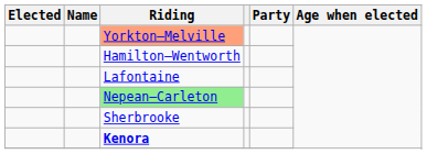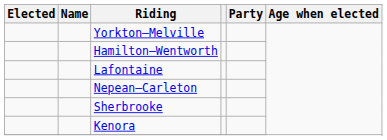 <table class="sortable wikitable">
 <tr>
 <th>Elected</th>
 <th>Name</th>
 <th>Riding</th>
 <th class="unsortable"></th>
 <th>Party</th>
 <th>Age when elected</th>
 </tr>
 <tr>
 <td></td>
 <td></td>
-<td style="background: lightsalmon;"><a href='#'>Yorkton—Melville</a></td>
+<td><a href='#'>Yorkton—Melville</a></td>
 <td></td>
 <td></td>
 </tr>
 <tr>
 <td></td>
 <td></td>
 <td><a href='#'>Hamilton—Wentworth</a></td>
 <td></td>
 <td></td>
 </tr>
 <tr>
 <td></td>
 <td></td>
 <td><a href='#'>Lafontaine</a></td>
 <td></td>
 <td></td>
 </tr>
 <tr>
 <td></td>
 <td></td>
-<td style="background: lightgreen;"><a href='#'>Nepean—Carleton</a></td>
+<td><a href='#'>Nepean—Carleton</a></td>
 <td></td>
 <td></td>
 </tr>
 <tr>
 <td></td>
 <td></td>
 <td><a href='#'>Sherbrooke</a></td>
 <td></td>
 <td></td>
 </tr>
 <tr>
 <td></td>
 <td></td>
-<td><strong><a href='#'>Kenora</a></strong></td>
+<td><a href='#'>Kenora</a></td>
 <td></td>
 <td></td>
 </tr>
 <tr>
 </tr>
 </table>
